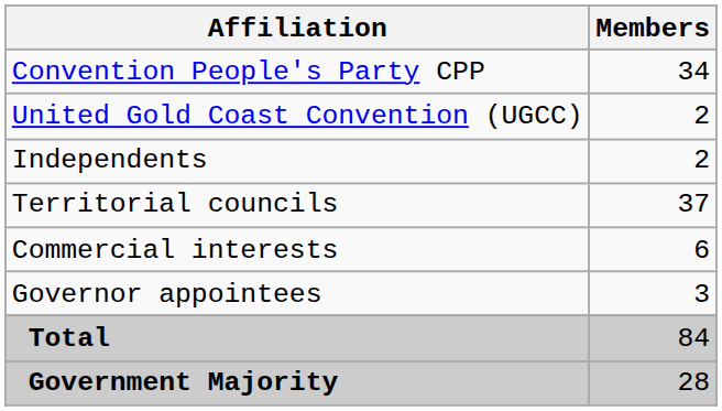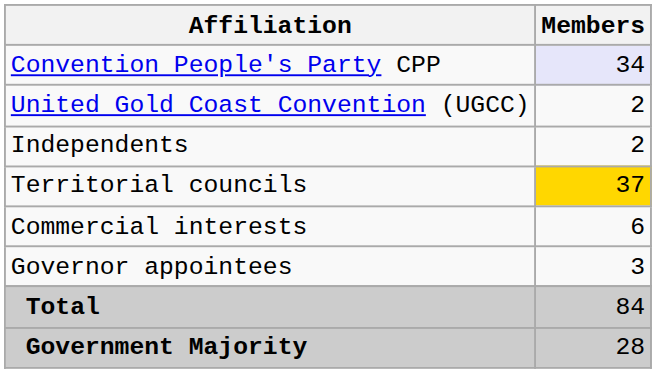 <table class="wikitable">
 <tr>
 <th>Affiliation</th>
 <th>Members</th>
 </tr>
 <tr>
 <td><a href='#'>Convention People's Party</a> CPP</td>
-<td align="right">34</td>
+<td align="right" style="background: lavender;">34</td>
 </tr>
 <tr>
 <td><a href='#'>United Gold Coast Convention</a> (UGCC)</td>
 <td align="right">2</td>
 </tr>
 <tr>
 <td>Independents</td>
 <td align="right">2</td>
 </tr>
 <tr>
 <td>Territorial councils</td>
-<td align="right">37</td>
+<td align="right" style="background: gold;">37</td>
 </tr>
 <tr>
 <td>Commercial interests</td>
 <td align="right">6</td>
 </tr>
 <tr>
 <td>Governor appointees</td>
 <td align="right">3</td>
 </tr>
 <tr>
 </tr>
 <tr bgcolor="#cccccc">
 <td> <strong>Total</strong></td>
 <td align="right">84</td>
 </tr>
 <tr bgcolor="#cccccc">
 <td> <strong>Government Majority</strong></td>
 <td align="right">28</td>
 </tr>
 </table>
